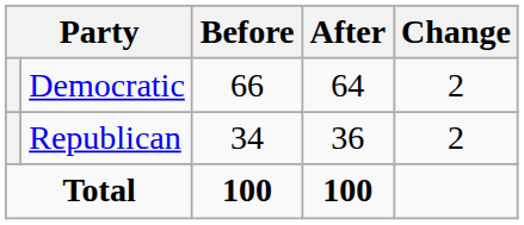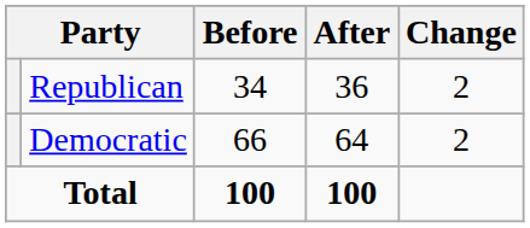 <table class="wikitable" style="text-align:center;">
 <tr>
 <th colspan="2">Party</th>
 <th>Before</th>
 <th>After</th>
 <th>Change</th>
 </tr>
 <tr>
 <th style="background-color:"></th>
-<td style="text-align:left;"><a href='#'>Democratic</a></td>
-<td>66</td>
-<td>64</td>
+<td style="text-align:left;"><a href='#'>Republican</a></td>
+<td>34</td>
+<td>36</td>
 <td> 2</td>
 </tr>
 <tr>
 <th style="background-color:"></th>
-<td style="text-align:left;"><a href='#'>Republican</a></td>
-<td>34</td>
-<td>36</td>
+<td style="text-align:left;"><a href='#'>Democratic</a></td>
+<td>66</td>
+<td>64</td>
 <td> 2</td>
 </tr>
 <tr>
 <td colspan="2"><strong>Total</strong></td>
 <td><strong>100</strong></td>
 <td><strong>100</strong></td>
 <td></td>
 </tr>
 </table>
